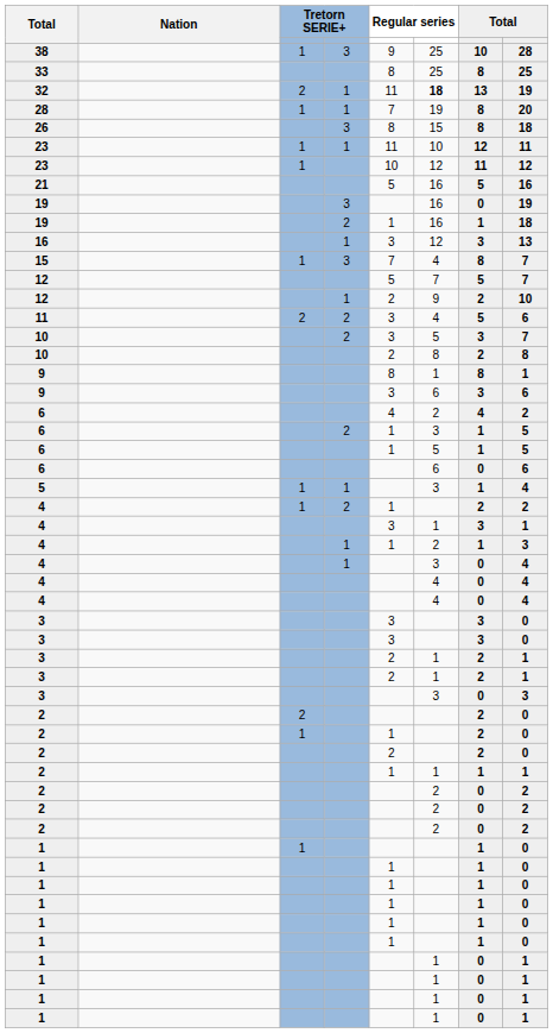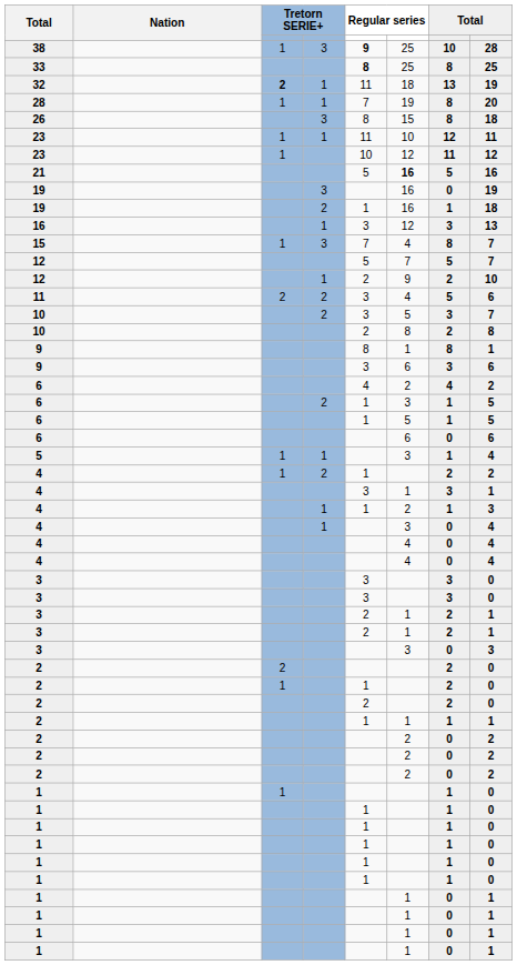 <table class="sortable wikitable" style=font-size:90%;text-align:center>
 <tr>
 <th style="width:81px;" rowspan="2">Total</th>
 <th style="width:236px;" rowspan="2">Nation</th>
 <th style="background-color:#99badd;" colspan="2">Tretorn SERIE+</th>
 <th style="background-color:#ffffff;" colspan="2">Regular series</th>
 <th style="background-color:#efefef;" colspan="3">Total</th>
 </tr>
 <tr>
 <th style="width:47px; background-color:#99badd;"></th>
 <th style="width:47px; background-color:#99badd;"></th>
 <th style="width:47px; background-color:#ffffff;"></th>
 <th style="width:47px; background-color:#ffffff;"></th>
 <th style="width:47px; background-color:#efefef;"></th>
 <th style="width:47px; background-color:#efefef;"></th>
 </tr>
 <tr>
 <td bgcolor=#efefef><strong>38</strong></td>
 <td align=left></td>
 <td bgcolor=#99BADD>1</td>
 <td bgcolor=#99BADD>3</td>
-<td>9</td>
+<td><strong>9</strong></td>
 <td>25</td>
 <td bgcolor=#efefef><strong>10</strong></td>
 <td bgcolor=#efefef><strong>28</strong></td>
 </tr>
 <tr>
 <td bgcolor=#efefef><strong>33</strong></td>
 <td align=left></td>
 <td bgcolor=#99BADD></td>
 <td bgcolor=#99BADD></td>
-<td>8</td>
+<td><strong>8</strong></td>
 <td>25</td>
 <td bgcolor=#efefef><strong>8</strong></td>
 <td bgcolor=#efefef><strong>25</strong></td>
 </tr>
 <tr>
 <td bgcolor=#efefef><strong>32</strong></td>
 <td align=left></td>
-<td bgcolor=#99BADD>2</td>
+<td bgcolor=#99BADD><strong>2</strong></td>
 <td bgcolor=#99BADD>1</td>
 <td>11</td>
-<td><strong>18</strong></td>
+<td>18</td>
 <td bgcolor=#efefef><strong>13</strong></td>
 <td bgcolor=#efefef><strong>19</strong></td>
 </tr>
 <tr>
 <td bgcolor=#efefef><strong>28</strong></td>
 <td align=left></td>
 <td bgcolor=#99BADD>1</td>
 <td bgcolor=#99BADD>1</td>
 <td>7</td>
 <td>19</td>
 <td bgcolor=#efefef><strong>8</strong></td>
 <td bgcolor=#efefef><strong>20</strong></td>
 </tr>
 <tr>
 <td bgcolor=#efefef><strong>26</strong></td>
 <td align=left></td>
 <td bgcolor=#99BADD></td>
 <td bgcolor=#99BADD>3</td>
 <td>8</td>
 <td>15</td>
 <td bgcolor=#efefef><strong>8</strong></td>
 <td bgcolor=#efefef><strong>18</strong></td>
 </tr>
 <tr>
 <td bgcolor=#efefef><strong>23</strong></td>
 <td align=left></td>
 <td bgcolor=#99BADD>1</td>
 <td bgcolor=#99BADD>1</td>
 <td>11</td>
 <td>10</td>
 <td bgcolor=#efefef><strong>12</strong></td>
 <td bgcolor=#efefef><strong>11</strong></td>
 </tr>
 <tr>
 <td bgcolor=#efefef><strong>23</strong></td>
 <td align=left></td>
 <td bgcolor=#99BADD>1</td>
 <td bgcolor=#99BADD></td>
 <td>10</td>
 <td>12</td>
 <td bgcolor=#efefef><strong>11</strong></td>
 <td bgcolor=#efefef><strong>12</strong></td>
 </tr>
 <tr>
 <td bgcolor=#efefef><strong>21</strong></td>
 <td align=left></td>
 <td bgcolor=#99BADD></td>
 <td bgcolor=#99BADD></td>
 <td>5</td>
-<td>16</td>
+<td><strong>16</strong></td>
 <td bgcolor=#efefef><strong>5</strong></td>
 <td bgcolor=#efefef><strong>16</strong></td>
 </tr>
 <tr>
 <td bgcolor=#efefef><strong>19</strong></td>
 <td align=left></td>
 <td bgcolor=#99BADD></td>
 <td bgcolor=#99BADD>3</td>
 <td></td>
 <td>16</td>
 <td bgcolor=#efefef><strong>0</strong></td>
 <td bgcolor=#efefef><strong>19</strong></td>
 </tr>
 <tr>
 <td bgcolor=#efefef><strong>19</strong></td>
 <td align=left></td>
 <td bgcolor=#99BADD></td>
 <td bgcolor=#99BADD>2</td>
 <td>1</td>
 <td>16</td>
 <td bgcolor=#efefef><strong>1</strong></td>
 <td bgcolor=#efefef><strong>18</strong></td>
 </tr>
 <tr>
 <td bgcolor=#efefef><strong>16</strong></td>
 <td align=left></td>
 <td bgcolor=#99BADD></td>
 <td bgcolor=#99BADD>1</td>
 <td>3</td>
 <td>12</td>
 <td bgcolor=#efefef><strong>3</strong></td>
 <td bgcolor=#efefef><strong>13</strong></td>
 </tr>
 <tr>
 <td bgcolor=#efefef><strong>15</strong></td>
 <td align=left></td>
 <td bgcolor=#99BADD>1</td>
 <td bgcolor=#99BADD>3</td>
 <td>7</td>
 <td>4</td>
 <td bgcolor=#efefef><strong>8</strong></td>
 <td bgcolor=#efefef><strong>7</strong></td>
 </tr>
 <tr>
 <td bgcolor=#efefef><strong>12</strong></td>
 <td align=left></td>
 <td bgcolor=#99BADD></td>
 <td bgcolor=#99BADD></td>
 <td>5</td>
 <td>7</td>
 <td bgcolor=#efefef><strong>5</strong></td>
 <td bgcolor=#efefef><strong>7</strong></td>
 </tr>
 <tr>
 <td bgcolor=#efefef><strong>12</strong></td>
 <td align=left></td>
 <td bgcolor=#99BADD></td>
 <td bgcolor=#99BADD>1</td>
 <td>2</td>
 <td>9</td>
 <td bgcolor=#efefef><strong>2</strong></td>
 <td bgcolor=#efefef><strong>10</strong></td>
 </tr>
 <tr>
 <td bgcolor=#efefef><strong>11</strong></td>
 <td align=left></td>
 <td bgcolor=#99BADD>2</td>
 <td bgcolor=#99BADD>2</td>
 <td>3</td>
 <td>4</td>
 <td bgcolor=#efefef><strong>5</strong></td>
 <td bgcolor=#efefef><strong>6</strong></td>
 </tr>
 <tr>
 <td bgcolor=#efefef><strong>10</strong></td>
 <td align=left></td>
 <td bgcolor=#99BADD></td>
 <td bgcolor=#99BADD>2</td>
 <td>3</td>
 <td>5</td>
 <td bgcolor=#efefef><strong>3</strong></td>
 <td bgcolor=#efefef><strong>7</strong></td>
 </tr>
 <tr>
 <td bgcolor=#efefef><strong>10</strong></td>
 <td align=left></td>
 <td bgcolor=#99BADD></td>
 <td bgcolor=#99BADD></td>
 <td>2</td>
 <td>8</td>
 <td bgcolor=#efefef><strong>2</strong></td>
 <td bgcolor=#efefef><strong>8</strong></td>
 </tr>
 <tr>
 <td bgcolor=#efefef><strong>9</strong></td>
 <td align=left></td>
 <td bgcolor=#99BADD></td>
 <td bgcolor=#99BADD></td>
 <td>8</td>
 <td>1</td>
 <td bgcolor=#efefef><strong>8</strong></td>
 <td bgcolor=#efefef><strong>1</strong></td>
 </tr>
 <tr>
 <td bgcolor=#efefef><strong>9</strong></td>
 <td align=left></td>
 <td bgcolor=#99BADD></td>
 <td bgcolor=#99BADD></td>
 <td>3</td>
 <td>6</td>
 <td bgcolor=#efefef><strong>3</strong></td>
 <td bgcolor=#efefef><strong>6</strong></td>
 </tr>
 <tr>
 <td bgcolor=#efefef><strong>6</strong></td>
 <td align=left></td>
 <td bgcolor=#99BADD></td>
 <td bgcolor=#99BADD></td>
 <td>4</td>
 <td>2</td>
 <td bgcolor=#efefef><strong>4</strong></td>
 <td bgcolor=#efefef><strong>2</strong></td>
 </tr>
 <tr>
 <td bgcolor=#efefef><strong>6</strong></td>
 <td align=left></td>
 <td bgcolor=#99BADD></td>
 <td bgcolor=#99BADD>2</td>
 <td>1</td>
 <td>3</td>
 <td bgcolor=#efefef><strong>1</strong></td>
 <td bgcolor=#efefef><strong>5</strong></td>
 </tr>
 <tr>
 <td bgcolor=#efefef><strong>6</strong></td>
 <td align=left></td>
 <td bgcolor=#99BADD></td>
 <td bgcolor=#99BADD></td>
 <td>1</td>
 <td>5</td>
 <td bgcolor=#efefef><strong>1</strong></td>
 <td bgcolor=#efefef><strong>5</strong></td>
 </tr>
 <tr>
 <td bgcolor=#efefef><strong>6</strong></td>
 <td align=left></td>
 <td bgcolor=#99BADD></td>
 <td bgcolor=#99BADD></td>
 <td></td>
 <td>6</td>
 <td bgcolor=#efefef><strong>0</strong></td>
 <td bgcolor=#efefef><strong>6</strong></td>
 </tr>
 <tr>
 <td bgcolor=#efefef><strong>5</strong></td>
 <td align=left></td>
 <td bgcolor=#99BADD>1</td>
 <td bgcolor=#99BADD>1</td>
 <td></td>
 <td>3</td>
 <td bgcolor=#efefef><strong>1</strong></td>
 <td bgcolor=#efefef><strong>4</strong></td>
 </tr>
 <tr>
 <td bgcolor=#efefef><strong>4</strong></td>
 <td align=left></td>
 <td bgcolor=#99BADD>1</td>
 <td bgcolor=#99BADD>2</td>
 <td>1</td>
 <td></td>
 <td bgcolor=#efefef><strong>2</strong></td>
 <td bgcolor=#efefef><strong>2</strong></td>
 </tr>
 <tr>
 <td bgcolor=#efefef><strong>4</strong></td>
 <td align=left></td>
 <td bgcolor=#99BADD></td>
 <td bgcolor=#99BADD></td>
 <td>3</td>
 <td>1</td>
 <td bgcolor=#efefef><strong>3</strong></td>
 <td bgcolor=#efefef><strong>1</strong></td>
 </tr>
 <tr>
 <td bgcolor=#efefef><strong>4</strong></td>
 <td align=left></td>
 <td bgcolor=#99BADD></td>
 <td bgcolor=#99BADD>1</td>
 <td>1</td>
 <td>2</td>
 <td bgcolor=#efefef><strong>1</strong></td>
 <td bgcolor=#efefef><strong>3</strong></td>
 </tr>
 <tr>
 <td bgcolor=#efefef><strong>4</strong></td>
 <td align=left></td>
 <td bgcolor=#99BADD></td>
 <td bgcolor=#99BADD>1</td>
 <td></td>
 <td>3</td>
 <td bgcolor=#efefef><strong>0</strong></td>
 <td bgcolor=#efefef><strong>4</strong></td>
 </tr>
 <tr>
 <td bgcolor=#efefef><strong>4</strong></td>
 <td align=left></td>
 <td bgcolor=#99BADD></td>
 <td bgcolor=#99BADD></td>
 <td></td>
 <td>4</td>
 <td bgcolor=#efefef><strong>0</strong></td>
 <td bgcolor=#efefef><strong>4</strong></td>
 </tr>
 <tr>
 <td bgcolor=#efefef><strong>4</strong></td>
 <td align=left></td>
 <td bgcolor=#99BADD></td>
 <td bgcolor=#99BADD></td>
 <td></td>
 <td>4</td>
 <td bgcolor=#efefef><strong>0</strong></td>
 <td bgcolor=#efefef><strong>4</strong></td>
 </tr>
 <tr>
 <td bgcolor=#efefef><strong>3</strong></td>
 <td align=left></td>
 <td bgcolor=#99BADD></td>
 <td bgcolor=#99BADD></td>
 <td>3</td>
 <td></td>
 <td bgcolor=#efefef><strong>3</strong></td>
 <td bgcolor=#efefef><strong>0</strong></td>
 </tr>
 <tr>
 <td bgcolor=#efefef><strong>3</strong></td>
 <td align=left></td>
 <td bgcolor=#99BADD></td>
 <td bgcolor=#99BADD></td>
 <td>3</td>
 <td></td>
 <td bgcolor=#efefef><strong>3</strong></td>
 <td bgcolor=#efefef><strong>0</strong></td>
 </tr>
 <tr>
 <td bgcolor=#efefef><strong>3</strong></td>
 <td align=left></td>
 <td bgcolor=#99BADD></td>
 <td bgcolor=#99BADD></td>
 <td>2</td>
 <td>1</td>
 <td bgcolor=#efefef><strong>2</strong></td>
 <td bgcolor=#efefef><strong>1</strong></td>
 </tr>
 <tr>
 <td bgcolor=#efefef><strong>3</strong></td>
 <td align=left></td>
 <td bgcolor=#99BADD></td>
 <td bgcolor=#99BADD></td>
 <td>2</td>
 <td>1</td>
 <td bgcolor=#efefef><strong>2</strong></td>
 <td bgcolor=#efefef><strong>1</strong></td>
 </tr>
 <tr>
 <td bgcolor=#efefef><strong>3</strong></td>
 <td align=left></td>
 <td bgcolor=#99BADD></td>
 <td bgcolor=#99BADD></td>
 <td></td>
 <td>3</td>
 <td bgcolor=#efefef><strong>0</strong></td>
 <td bgcolor=#efefef><strong>3</strong></td>
 </tr>
 <tr>
 <td bgcolor=#efefef><strong>2</strong></td>
 <td align=left></td>
 <td bgcolor=#99BADD>2</td>
 <td bgcolor=#99BADD></td>
 <td></td>
 <td></td>
 <td bgcolor=#efefef><strong>2</strong></td>
 <td bgcolor=#efefef><strong>0</strong></td>
 </tr>
 <tr>
 <td bgcolor=#efefef><strong>2</strong></td>
 <td align=left></td>
 <td bgcolor=#99BADD>1</td>
 <td bgcolor=#99BADD></td>
 <td>1</td>
 <td></td>
 <td bgcolor=#efefef><strong>2</strong></td>
 <td bgcolor=#efefef><strong>0</strong></td>
 </tr>
 <tr>
 <td bgcolor=#efefef><strong>2</strong></td>
 <td align=left></td>
 <td bgcolor=#99BADD></td>
 <td bgcolor=#99BADD></td>
 <td>2</td>
 <td></td>
 <td bgcolor=#efefef><strong>2</strong></td>
 <td bgcolor=#efefef><strong>0</strong></td>
 </tr>
 <tr>
 <td bgcolor=#efefef><strong>2</strong></td>
 <td align=left></td>
 <td bgcolor=#99BADD></td>
 <td bgcolor=#99BADD></td>
 <td>1</td>
 <td>1</td>
 <td bgcolor=#efefef><strong>1</strong></td>
 <td bgcolor=#efefef><strong>1</strong></td>
 </tr>
 <tr>
 <td bgcolor=#efefef><strong>2</strong></td>
 <td align=left></td>
 <td bgcolor=#99BADD></td>
 <td bgcolor=#99BADD></td>
 <td></td>
 <td>2</td>
 <td bgcolor=#efefef><strong>0</strong></td>
 <td bgcolor=#efefef><strong>2</strong></td>
 </tr>
 <tr>
 <td bgcolor=#efefef><strong>2</strong></td>
 <td align=left></td>
 <td bgcolor=#99BADD></td>
 <td bgcolor=#99BADD></td>
 <td></td>
 <td>2</td>
 <td bgcolor=#efefef><strong>0</strong></td>
 <td bgcolor=#efefef><strong>2</strong></td>
 </tr>
 <tr>
 <td bgcolor=#efefef><strong>2</strong></td>
 <td align=left></td>
 <td bgcolor=#99BADD></td>
 <td bgcolor=#99BADD></td>
 <td></td>
 <td>2</td>
 <td bgcolor=#efefef><strong>0</strong></td>
 <td bgcolor=#efefef><strong>2</strong></td>
 </tr>
 <tr>
 <td bgcolor=#efefef><strong>1</strong></td>
 <td align=left></td>
 <td bgcolor=#99BADD>1</td>
 <td bgcolor=#99BADD></td>
 <td></td>
 <td></td>
 <td bgcolor=#efefef><strong>1</strong></td>
 <td bgcolor=#efefef><strong>0</strong></td>
 </tr>
 <tr>
 <td bgcolor=#efefef><strong>1</strong></td>
 <td align=left></td>
 <td bgcolor=#99BADD></td>
 <td bgcolor=#99BADD></td>
 <td>1</td>
 <td></td>
 <td bgcolor=#efefef><strong>1</strong></td>
 <td bgcolor=#efefef><strong>0</strong></td>
 </tr>
 <tr>
 <td bgcolor=#efefef><strong>1</strong></td>
 <td align=left></td>
 <td bgcolor=#99BADD></td>
 <td bgcolor=#99BADD></td>
 <td>1</td>
 <td></td>
 <td bgcolor=#efefef><strong>1</strong></td>
 <td bgcolor=#efefef><strong>0</strong></td>
 </tr>
 <tr>
 <td bgcolor=#efefef><strong>1</strong></td>
 <td align=left></td>
 <td bgcolor=#99BADD></td>
 <td bgcolor=#99BADD></td>
 <td>1</td>
 <td></td>
 <td bgcolor=#efefef><strong>1</strong></td>
 <td bgcolor=#efefef><strong>0</strong></td>
 </tr>
 <tr>
 <td bgcolor=#efefef><strong>1</strong></td>
 <td align=left></td>
 <td bgcolor=#99BADD></td>
 <td bgcolor=#99BADD></td>
 <td>1</td>
 <td></td>
 <td bgcolor=#efefef><strong>1</strong></td>
 <td bgcolor=#efefef><strong>0</strong></td>
 </tr>
 <tr>
 <td bgcolor=#efefef><strong>1</strong></td>
 <td align=left></td>
 <td bgcolor=#99BADD></td>
 <td bgcolor=#99BADD></td>
 <td>1</td>
 <td></td>
 <td bgcolor=#efefef><strong>1</strong></td>
 <td bgcolor=#efefef><strong>0</strong></td>
 </tr>
 <tr>
 <td bgcolor=#efefef><strong>1</strong></td>
 <td align=left></td>
 <td bgcolor=#99BADD></td>
 <td bgcolor=#99BADD></td>
 <td></td>
 <td>1</td>
 <td bgcolor=#efefef><strong>0</strong></td>
 <td bgcolor=#efefef><strong>1</strong></td>
 </tr>
 <tr>
 <td bgcolor=#efefef><strong>1</strong></td>
 <td align=left></td>
 <td bgcolor=#99BADD></td>
 <td bgcolor=#99BADD></td>
 <td></td>
 <td>1</td>
 <td bgcolor=#efefef><strong>0</strong></td>
 <td bgcolor=#efefef><strong>1</strong></td>
 </tr>
 <tr>
 <td bgcolor=#efefef><strong>1</strong></td>
 <td align=left></td>
 <td bgcolor=#99BADD></td>
 <td bgcolor=#99BADD></td>
 <td></td>
 <td>1</td>
 <td bgcolor=#efefef><strong>0</strong></td>
 <td bgcolor=#efefef><strong>1</strong></td>
 </tr>
 <tr>
 <td bgcolor=#efefef><strong>1</strong></td>
 <td align=left></td>
 <td bgcolor=#99BADD></td>
 <td bgcolor=#99BADD></td>
 <td></td>
 <td>1</td>
 <td bgcolor=#efefef><strong>0</strong></td>
 <td bgcolor=#efefef><strong>1</strong></td>
 </tr>
 </table>
